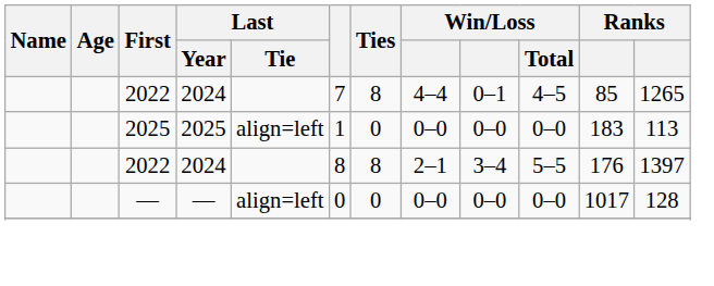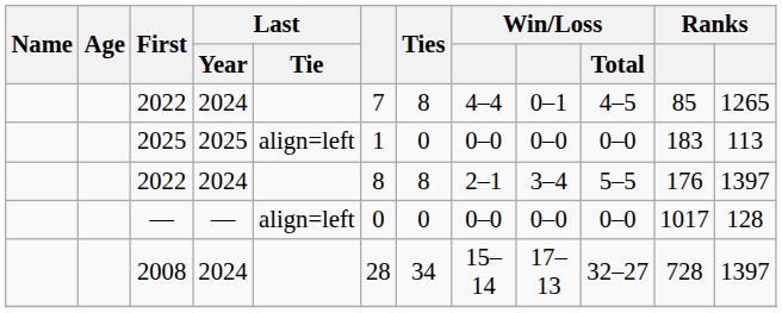 <table class="wikitable sortable nowrap" style=text-align:center>
 <tr>
 <th rowspan=2>Name</th>
 <th rowspan=2>Age</th>
 <th rowspan=2>First</th>
 <th colspan=2>Last</th>
 <th rowspan=2></th>
 <th rowspan=2>Ties</th>
 <th class="unsortable" colspan=3>Win/Loss</th>
 <th class="unsortable" colspan=2>Ranks</th>
 </tr>
 <tr>
 <th>Year</th>
 <th>Tie</th>
 <th width=35></th>
 <th width=35></th>
 <th>Total</th>
 <th width=25></th>
 <th width=25></th>
 </tr>
 <tr>
 <td align=left></td>
 <td></td>
 <td>2022</td>
 <td>2024</td>
 <td align=left></td>
 <td>7</td>
 <td>8</td>
 <td>4–4</td>
 <td>0–1</td>
 <td>4–5</td>
 <td style="text-align:center;">85</td>
 <td style="text-align:center;">1265</td>
 </tr>
 <tr>
 <td align=left></td>
 <td></td>
 <td>2025</td>
 <td>2025</td>
 <td>align=left </td>
 <td>1</td>
 <td>0</td>
 <td>0–0</td>
 <td>0–0</td>
 <td>0–0</td>
 <td style="text-align:center;">183</td>
 <td style="text-align:center;">113</td>
 </tr>
 <tr>
 <td align=left></td>
 <td></td>
 <td>2022</td>
 <td>2024</td>
 <td align=left></td>
 <td>8</td>
 <td>8</td>
 <td>2–1</td>
 <td>3–4</td>
 <td>5–5</td>
 <td style="text-align:center;">176</td>
 <td style="text-align:center;">1397</td>
 </tr>
 <tr>
 <td align=left></td>
 <td></td>
 <td>—</td>
 <td>—</td>
 <td>align=left </td>
 <td>0</td>
 <td>0</td>
 <td>0–0</td>
 <td>0–0</td>
 <td>0–0</td>
 <td style="text-align:center;">1017</td>
 <td style="text-align:center;">128</td>
 </tr>
 <tr>
+<td align=left></td>
+<td></td>
+<td>2008</td>
+<td>2024</td>
+<td align=left></td>
+<td>28</td>
+<td>34</td>
+<td>15–14</td>
+<td>17–13</td>
+<td>32–27</td>
+<td style="text-align:center;">728</td>
+<td style="text-align:center;">1397</td>
+</tr>
+<tr>
 </tr>
 <tr>
 </tr>
 </table>
